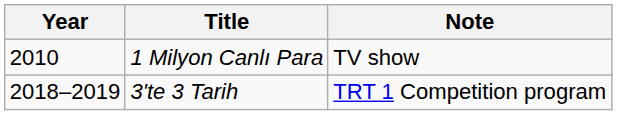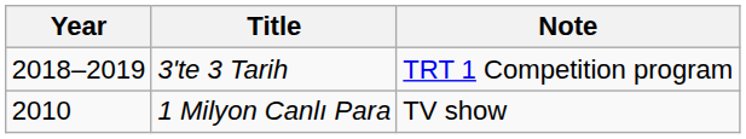 <table class="wikitable">
 <tr>
 <th>Year</th>
 <th>Title</th>
 <th>Note</th>
 </tr>
 <tr>
+<td>2018–2019</td>
+<td><em>3'te 3 Tarih</em></td>
+<td><a href='#'>TRT 1</a> Competition program</td>
+</tr>
+<tr>
 <td>2010</td>
 <td><em>1 Milyon Canlı Para</em></td>
 <td>TV show</td>
 </tr>
-<tr>
-<td>2018–2019</td>
-<td><em>3'te 3 Tarih</em></td>
-<td><a href='#'>TRT 1</a> Competition program</td>
-</tr>
 </table>
